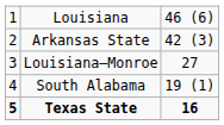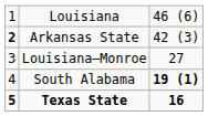 <table class="wikitable" style="display: inline-table;">
 <tr align="center">
 <td>1</td>
 <td>Louisiana</td>
 <td>46 (6)</td>
 </tr>
 <tr align="center">
-<td>2</td>
+<td><strong>2</strong></td>
 <td>Arkansas State</td>
 <td>42 (3)</td>
 </tr>
 <tr align="center">
 <td>3</td>
 <td>Louisiana–Monroe</td>
 <td>27</td>
 </tr>
 <tr align="center">
 <td>4</td>
 <td>South Alabama</td>
-<td>19 (1)</td>
+<td><strong>19 (1)</strong></td>
 </tr>
 <tr align="center">
 <td><strong>5</strong></td>
 <td><strong>Texas State</strong></td>
 <td><strong>16</strong></td>
 </tr>
 </table>
